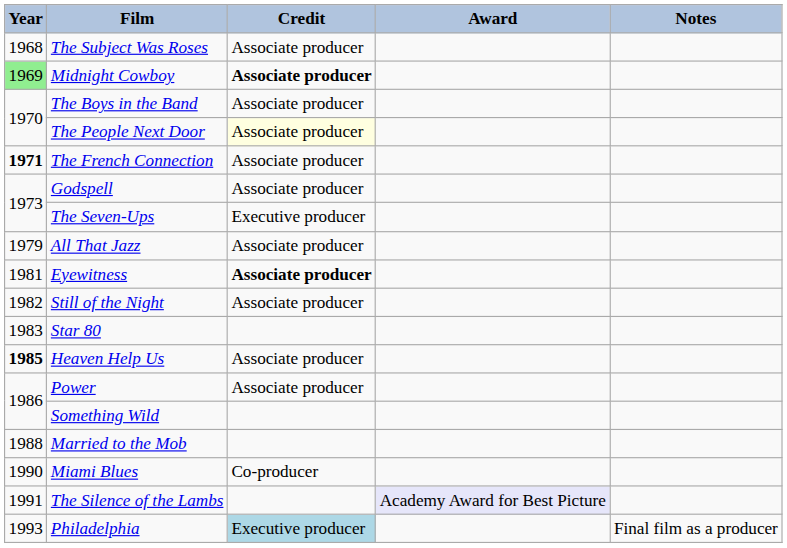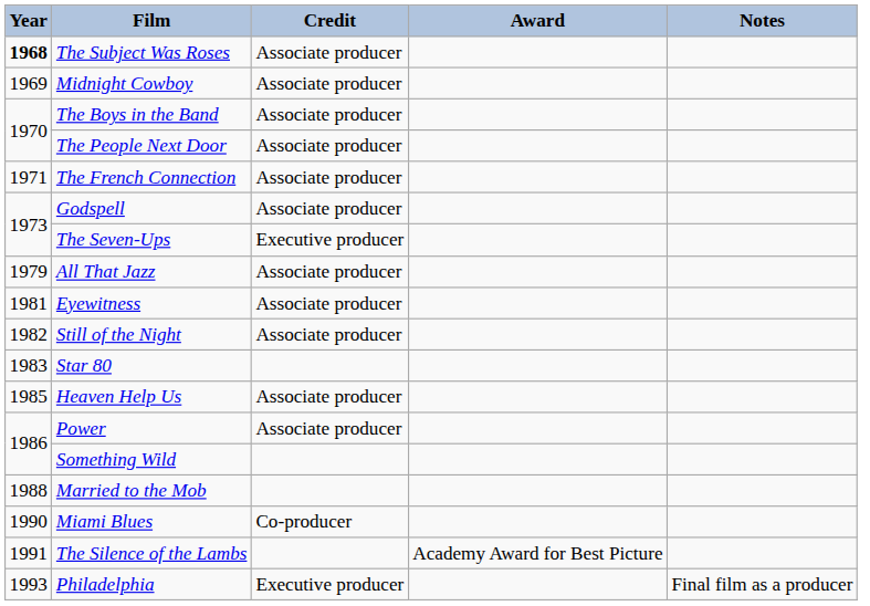 <table class="wikitable" style="font-size:95%;">
 <tr>
 <th style="background:#B0C4DE;">Year</th>
 <th style="background:#B0C4DE;">Film</th>
 <th style="background:#B0C4DE;">Credit</th>
 <th style="background:#B0C4DE;">Award</th>
 <th style="background:#B0C4DE;">Notes</th>
 </tr>
 <tr>
-<td>1968</td>
+<td><strong>1968</strong></td>
 <td><em><a href='#'>The Subject Was Roses</a></em></td>
 <td>Associate producer</td>
 <td></td>
 <td></td>
 </tr>
 <tr>
-<td style="background: lightgreen;">1969</td>
+<td>1969</td>
 <td><em><a href='#'>Midnight Cowboy</a></em></td>
-<td><strong>Associate producer</strong></td>
+<td>Associate producer</td>
 <td></td>
 <td></td>
 </tr>
 <tr>
 <td rowspan=2>1970</td>
 <td><em><a href='#'>The Boys in the Band</a></em></td>
 <td>Associate producer</td>
 <td></td>
 <td></td>
 </tr>
 <tr>
 <td><em><a href='#'>The People Next Door</a></em></td>
-<td style="background: lightyellow;">Associate producer</td>
+<td>Associate producer</td>
 <td></td>
 <td></td>
 </tr>
 <tr>
-<td><strong>1971</strong></td>
+<td>1971</td>
 <td><em><a href='#'>The French Connection</a></em></td>
 <td>Associate producer</td>
 <td></td>
 <td></td>
 </tr>
 <tr>
 <td rowspan=2>1973</td>
 <td><em><a href='#'>Godspell</a></em></td>
 <td>Associate producer</td>
 <td></td>
 <td></td>
 </tr>
 <tr>
 <td><em><a href='#'>The Seven-Ups</a></em></td>
 <td>Executive producer</td>
 <td></td>
 <td></td>
 </tr>
 <tr>
 <td>1979</td>
 <td><em><a href='#'>All That Jazz</a></em></td>
 <td>Associate producer</td>
 <td></td>
 <td></td>
 </tr>
 <tr>
 <td>1981</td>
 <td><em><a href='#'>Eyewitness</a></em></td>
-<td><strong>Associate producer</strong></td>
+<td>Associate producer</td>
 <td></td>
 <td></td>
 </tr>
 <tr>
 <td>1982</td>
 <td><em><a href='#'>Still of the Night</a></em></td>
 <td>Associate producer</td>
 <td></td>
 <td></td>
 </tr>
 <tr>
 <td>1983</td>
 <td><em><a href='#'>Star 80</a></em></td>
 <td></td>
 <td></td>
 <td></td>
 </tr>
 <tr>
-<td><strong>1985</strong></td>
+<td>1985</td>
 <td><em><a href='#'>Heaven Help Us</a></em></td>
 <td>Associate producer</td>
 <td></td>
 <td></td>
 </tr>
 <tr>
 <td rowspan=2>1986</td>
 <td><em><a href='#'>Power</a></em></td>
 <td>Associate producer</td>
 <td></td>
 <td></td>
 </tr>
 <tr>
 <td><em><a href='#'>Something Wild</a></em></td>
 <td></td>
 <td></td>
 <td></td>
 </tr>
 <tr>
 <td>1988</td>
 <td><em><a href='#'>Married to the Mob</a></em></td>
 <td></td>
 <td></td>
 <td></td>
 </tr>
 <tr>
 <td>1990</td>
 <td><em><a href='#'>Miami Blues</a></em></td>
 <td>Co-producer</td>
 <td></td>
 <td></td>
 </tr>
 <tr>
 <td>1991</td>
 <td><em><a href='#'>The Silence of the Lambs</a></em></td>
 <td></td>
-<td style="background: lavender;">Academy Award for Best Picture</td>
+<td>Academy Award for Best Picture</td>
 <td></td>
 </tr>
 <tr>
 <td>1993</td>
 <td><em><a href='#'>Philadelphia</a></em></td>
-<td style="background: lightblue;">Executive producer</td>
+<td>Executive producer</td>
 <td></td>
 <td>Final film as a producer</td>
 </tr>
 </table>
